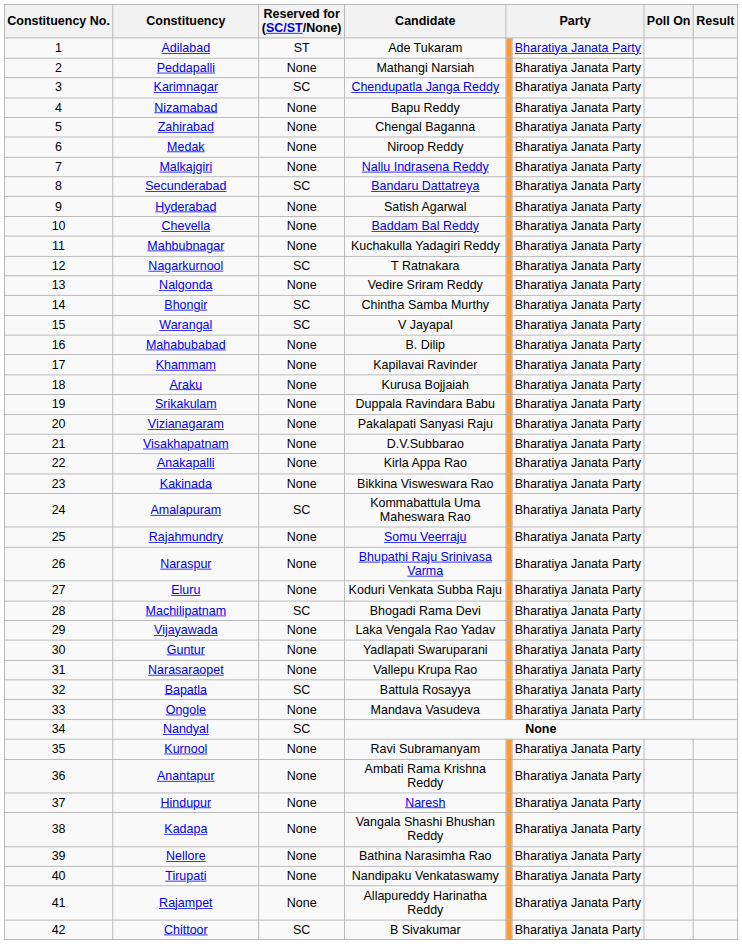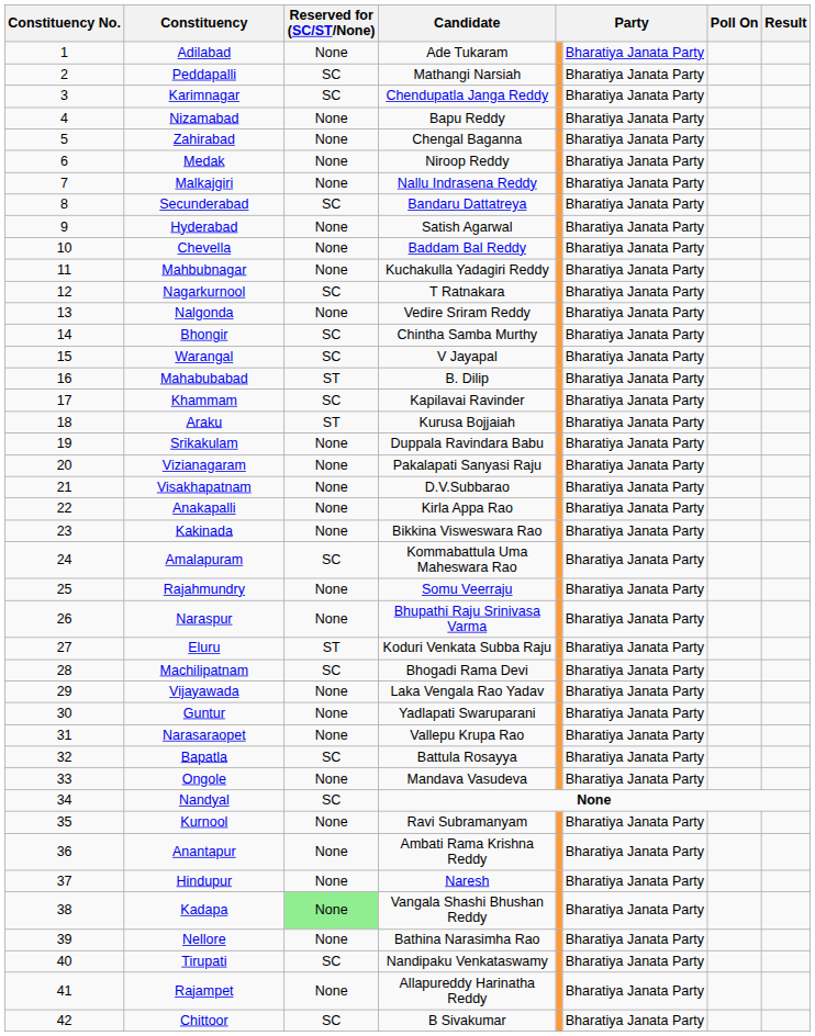 <table class="wikitable sortable" style="text-align:center">
 <tr>
 <th>Constituency No.</th>
 <th style="width:180px;">Constituency</th>
 <th>Reserved for<br>(<a href='#'>SC/ST</a>/None)</th>
 <th style="width:200px;">Candidate</th>
 <th colspan="2">Party</th>
 <th>Poll On</th>
 <th>Result</th>
 </tr>
 <tr>
 <td style="text-align:center;">1</td>
 <td><a href='#'>Adilabad</a></td>
-<td>ST</td>
+<td>None</td>
 <td>Ade Tukaram</td>
 <td bgcolor=#FF9933></td>
 <td><a href='#'>Bharatiya Janata Party</a></td>
 <td></td>
 <td></td>
 </tr>
 <tr>
 <td style="text-align:center;">2</td>
 <td><a href='#'>Peddapalli</a></td>
-<td>None</td>
+<td>SC</td>
 <td>Mathangi Narsiah</td>
 <td bgcolor=#FF9933></td>
 <td>Bharatiya Janata Party</td>
 <td></td>
 <td></td>
 </tr>
 <tr>
 <td style="text-align:center;">3</td>
 <td><a href='#'>Karimnagar</a></td>
 <td>SC</td>
 <td><a href='#'>Chendupatla Janga Reddy</a></td>
 <td bgcolor=#FF9933></td>
 <td>Bharatiya Janata Party</td>
 <td></td>
 <td></td>
 </tr>
 <tr>
 <td style="text-align:center;">4</td>
 <td><a href='#'>Nizamabad</a></td>
 <td>None</td>
 <td>Bapu Reddy</td>
 <td bgcolor=#FF9933></td>
 <td>Bharatiya Janata Party</td>
 <td></td>
 <td></td>
 </tr>
 <tr>
 <td style="text-align:center;">5</td>
 <td><a href='#'>Zahirabad</a></td>
 <td>None</td>
 <td>Chengal Baganna</td>
 <td bgcolor=#FF9933></td>
 <td>Bharatiya Janata Party</td>
 <td></td>
 <td></td>
 </tr>
 <tr>
 <td style="text-align:center;">6</td>
 <td><a href='#'>Medak</a></td>
 <td>None</td>
 <td>Niroop Reddy</td>
 <td bgcolor=#FF9933></td>
 <td>Bharatiya Janata Party</td>
 <td></td>
 <td></td>
 </tr>
 <tr>
 <td style="text-align:center;">7</td>
 <td><a href='#'>Malkajgiri</a></td>
 <td>None</td>
 <td><a href='#'>Nallu Indrasena Reddy</a></td>
 <td bgcolor=#FF9933></td>
 <td>Bharatiya Janata Party</td>
 <td></td>
 <td></td>
 </tr>
 <tr>
 <td style="text-align:center;">8</td>
 <td><a href='#'>Secunderabad</a></td>
 <td>SC</td>
 <td><a href='#'>Bandaru Dattatreya</a></td>
 <td bgcolor=#FF9933></td>
 <td>Bharatiya Janata Party</td>
 <td></td>
 <td></td>
 </tr>
 <tr>
 <td style="text-align:center;">9</td>
 <td><a href='#'>Hyderabad</a></td>
 <td>None</td>
 <td>Satish Agarwal</td>
 <td bgcolor=#FF9933></td>
 <td>Bharatiya Janata Party</td>
 <td></td>
 <td></td>
 </tr>
 <tr>
 <td style="text-align:center;">10</td>
 <td><a href='#'>Chevella</a></td>
 <td>None</td>
 <td><a href='#'>Baddam Bal Reddy</a></td>
 <td bgcolor=#FF9933></td>
 <td>Bharatiya Janata Party</td>
 <td></td>
 <td></td>
 </tr>
 <tr>
 <td style="text-align:center;">11</td>
 <td><a href='#'>Mahbubnagar</a></td>
 <td>None</td>
 <td>Kuchakulla Yadagiri Reddy</td>
 <td bgcolor=#FF9933></td>
 <td>Bharatiya Janata Party</td>
 <td></td>
 <td></td>
 </tr>
 <tr>
 <td style="text-align:center;">12</td>
 <td><a href='#'>Nagarkurnool</a></td>
 <td>SC</td>
 <td>T Ratnakara</td>
 <td bgcolor=#FF9933></td>
 <td>Bharatiya Janata Party</td>
 <td></td>
 <td></td>
 </tr>
 <tr>
 <td style="text-align:center;">13</td>
 <td><a href='#'>Nalgonda</a></td>
 <td>None</td>
 <td>Vedire Sriram Reddy</td>
 <td bgcolor=#FF9933></td>
 <td>Bharatiya Janata Party</td>
 <td></td>
 <td></td>
 </tr>
 <tr>
 <td style="text-align:center;">14</td>
 <td><a href='#'>Bhongir</a></td>
 <td>SC</td>
 <td>Chintha Samba Murthy</td>
 <td bgcolor=#FF9933></td>
 <td>Bharatiya Janata Party</td>
 <td></td>
 <td></td>
 </tr>
 <tr>
 <td style="text-align:center;">15</td>
 <td><a href='#'>Warangal</a></td>
 <td>SC</td>
 <td>V Jayapal</td>
 <td bgcolor=#FF9933></td>
 <td>Bharatiya Janata Party</td>
 <td></td>
 <td></td>
 </tr>
 <tr>
 <td style="text-align:center;">16</td>
 <td><a href='#'>Mahabubabad</a></td>
-<td>None</td>
+<td>ST</td>
 <td>B. Dilip</td>
 <td bgcolor=#FF9933></td>
 <td>Bharatiya Janata Party</td>
 <td></td>
 <td></td>
 </tr>
 <tr>
 <td style="text-align:center;">17</td>
 <td><a href='#'>Khammam</a></td>
-<td>None</td>
+<td>SC</td>
 <td>Kapilavai Ravinder</td>
 <td bgcolor=#FF9933></td>
 <td>Bharatiya Janata Party</td>
 <td></td>
 <td></td>
 </tr>
 <tr>
 <td style="text-align:center;">18</td>
 <td><a href='#'>Araku</a></td>
-<td>None</td>
+<td>ST</td>
 <td>Kurusa Bojjaiah</td>
 <td bgcolor=#FF9933></td>
 <td>Bharatiya Janata Party</td>
 <td></td>
 <td></td>
 </tr>
 <tr>
 <td style="text-align:center;">19</td>
 <td><a href='#'>Srikakulam</a></td>
 <td>None</td>
 <td>Duppala Ravindara Babu</td>
 <td bgcolor=#FF9933></td>
 <td>Bharatiya Janata Party</td>
 <td></td>
 <td></td>
 </tr>
 <tr>
 <td style="text-align:center;">20</td>
 <td><a href='#'>Vizianagaram</a></td>
 <td>None</td>
 <td>Pakalapati Sanyasi Raju</td>
 <td bgcolor=#FF9933></td>
 <td>Bharatiya Janata Party</td>
 <td></td>
 <td></td>
 </tr>
 <tr>
 <td style="text-align:center;">21</td>
 <td><a href='#'>Visakhapatnam</a></td>
 <td>None</td>
 <td>D.V.Subbarao</td>
 <td bgcolor=#FF9933></td>
 <td>Bharatiya Janata Party</td>
 <td></td>
 <td></td>
 </tr>
 <tr>
 <td style="text-align:center;">22</td>
 <td><a href='#'>Anakapalli</a></td>
 <td>None</td>
 <td>Kirla Appa Rao</td>
 <td bgcolor=#FF9933></td>
 <td>Bharatiya Janata Party</td>
 <td></td>
 <td></td>
 </tr>
 <tr>
 <td style="text-align:center;">23</td>
 <td><a href='#'>Kakinada</a></td>
 <td>None</td>
 <td>Bikkina Visweswara Rao</td>
 <td bgcolor=#FF9933></td>
 <td>Bharatiya Janata Party</td>
 <td></td>
 <td></td>
 </tr>
 <tr>
 <td style="text-align:center;">24</td>
 <td><a href='#'>Amalapuram</a></td>
 <td>SC</td>
 <td>Kommabattula Uma Maheswara Rao</td>
 <td bgcolor=#FF9933></td>
 <td>Bharatiya Janata Party</td>
 <td></td>
 <td></td>
 </tr>
 <tr>
 <td style="text-align:center;">25</td>
 <td><a href='#'>Rajahmundry</a></td>
 <td>None</td>
 <td><a href='#'>Somu Veerraju</a></td>
 <td bgcolor=#FF9933></td>
 <td>Bharatiya Janata Party</td>
 <td></td>
 <td></td>
 </tr>
 <tr>
 <td style="text-align:center;">26</td>
 <td><a href='#'>Naraspur</a></td>
 <td>None</td>
 <td><a href='#'>Bhupathi Raju Srinivasa Varma</a></td>
 <td bgcolor=#FF9933></td>
 <td>Bharatiya Janata Party</td>
 <td></td>
 <td></td>
 </tr>
 <tr>
 <td style="text-align:center;">27</td>
 <td><a href='#'>Eluru</a></td>
-<td>None</td>
+<td>ST</td>
 <td>Koduri Venkata Subba Raju</td>
 <td bgcolor=#FF9933></td>
 <td>Bharatiya Janata Party</td>
 <td></td>
 <td></td>
 </tr>
 <tr>
 <td style="text-align:center;">28</td>
 <td><a href='#'>Machilipatnam</a></td>
 <td>SC</td>
 <td>Bhogadi Rama Devi</td>
 <td bgcolor=#FF9933></td>
 <td>Bharatiya Janata Party</td>
 <td></td>
 <td></td>
 </tr>
 <tr>
 <td style="text-align:center;">29</td>
 <td><a href='#'>Vijayawada</a></td>
 <td>None</td>
 <td>Laka Vengala Rao Yadav</td>
 <td bgcolor=#FF9933></td>
 <td>Bharatiya Janata Party</td>
 <td></td>
 <td></td>
 </tr>
 <tr>
 <td style="text-align:center;">30</td>
 <td><a href='#'>Guntur</a></td>
 <td>None</td>
 <td>Yadlapati Swaruparani</td>
 <td bgcolor=#FF9933></td>
 <td>Bharatiya Janata Party</td>
 <td></td>
 <td></td>
 </tr>
 <tr>
 <td style="text-align:center;">31</td>
 <td><a href='#'>Narasaraopet</a></td>
 <td>None</td>
 <td>Vallepu Krupa Rao</td>
 <td bgcolor=#FF9933></td>
 <td>Bharatiya Janata Party</td>
 <td></td>
 <td></td>
 </tr>
 <tr>
 <td style="text-align:center;">32</td>
 <td><a href='#'>Bapatla</a></td>
 <td>SC</td>
 <td>Battula Rosayya</td>
 <td bgcolor=#FF9933></td>
 <td>Bharatiya Janata Party</td>
 <td></td>
 <td></td>
 </tr>
 <tr>
 <td style="text-align:center;">33</td>
 <td><a href='#'>Ongole</a></td>
 <td>None</td>
 <td>Mandava Vasudeva</td>
 <td bgcolor=#FF9933></td>
 <td>Bharatiya Janata Party</td>
 <td></td>
 <td></td>
 </tr>
 <tr>
 <td style="text-align:center;">34</td>
 <td><a href='#'>Nandyal</a></td>
 <td>SC</td>
 <td align="center" colspan=5><strong>None</strong></td>
 </tr>
 <tr>
 <td style="text-align:center;">35</td>
 <td><a href='#'>Kurnool</a></td>
 <td>None</td>
 <td>Ravi Subramanyam</td>
 <td bgcolor=#FF9933></td>
 <td>Bharatiya Janata Party</td>
 <td></td>
 <td></td>
 </tr>
 <tr>
 <td style="text-align:center;">36</td>
 <td><a href='#'>Anantapur</a></td>
 <td>None</td>
 <td>Ambati Rama Krishna Reddy</td>
 <td bgcolor=#FF9933></td>
 <td>Bharatiya Janata Party</td>
 <td></td>
 <td></td>
 </tr>
 <tr>
 <td style="text-align:center;">37</td>
 <td><a href='#'>Hindupur</a></td>
 <td>None</td>
 <td><a href='#'>Naresh</a></td>
 <td bgcolor=#FF9933></td>
 <td>Bharatiya Janata Party</td>
 <td></td>
 <td></td>
 </tr>
 <tr>
 <td style="text-align:center;">38</td>
 <td><a href='#'>Kadapa</a></td>
-<td>None</td>
+<td style="background: lightgreen;">None</td>
 <td>Vangala Shashi Bhushan Reddy</td>
 <td bgcolor=#FF9933></td>
 <td>Bharatiya Janata Party</td>
 <td></td>
 <td></td>
 </tr>
 <tr>
 <td style="text-align:center;">39</td>
 <td><a href='#'>Nellore</a></td>
 <td>None</td>
 <td>Bathina Narasimha Rao</td>
 <td bgcolor=#FF9933></td>
 <td>Bharatiya Janata Party</td>
 <td></td>
 <td></td>
 </tr>
 <tr>
 <td style="text-align:center;">40</td>
 <td><a href='#'>Tirupati</a></td>
-<td>None</td>
+<td>SC</td>
 <td>Nandipaku Venkataswamy</td>
 <td bgcolor=#FF9933></td>
 <td>Bharatiya Janata Party</td>
 <td></td>
 <td></td>
 </tr>
 <tr>
 <td style="text-align:center;">41</td>
 <td><a href='#'>Rajampet</a></td>
 <td>None</td>
 <td>Allapureddy Harinatha Reddy</td>
 <td bgcolor=#FF9933></td>
 <td>Bharatiya Janata Party</td>
 <td></td>
 <td></td>
 </tr>
 <tr>
 <td style="text-align:center;">42</td>
 <td><a href='#'>Chittoor</a></td>
 <td>SC</td>
 <td>B Sivakumar</td>
 <td bgcolor=#FF9933></td>
 <td>Bharatiya Janata Party</td>
 <td></td>
 <td></td>
 </tr>
 </table>
